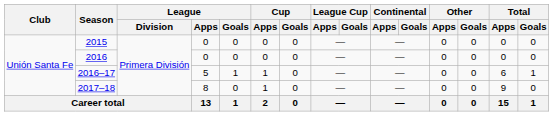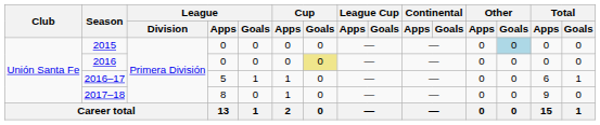 <table class="wikitable" style="text-align:center">
 <tr>
 <th rowspan="2">Club</th>
 <th rowspan="2">Season</th>
 <th colspan="3">League</th>
 <th colspan="2">Cup</th>
 <th colspan="2">League Cup</th>
 <th colspan="2">Continental</th>
 <th colspan="2">Other</th>
 <th colspan="2">Total</th>
 </tr>
 <tr>
 <th>Division</th>
 <th>Apps</th>
 <th>Goals</th>
 <th>Apps</th>
 <th>Goals</th>
 <th>Apps</th>
 <th>Goals</th>
 <th>Apps</th>
 <th>Goals</th>
 <th>Apps</th>
 <th>Goals</th>
 <th>Apps</th>
 <th>Goals</th>
 </tr>
 <tr>
 <td rowspan="4"><a href='#'>Unión Santa Fe</a></td>
 <td><a href='#'>2015</a></td>
 <td rowspan="4"><a href='#'>Primera División</a></td>
 <td>0</td>
 <td>0</td>
 <td>0</td>
 <td>0</td>
 <td colspan="2">—</td>
 <td colspan="2">—</td>
 <td>0</td>
-<td>0</td>
+<td style="background: lightblue;">0</td>
 <td>0</td>
 <td>0</td>
 </tr>
 <tr>
 <td><a href='#'>2016</a></td>
 <td>0</td>
 <td>0</td>
 <td>0</td>
-<td>0</td>
+<td style="background: khaki;">0</td>
 <td colspan="2">—</td>
 <td colspan="2">—</td>
 <td>0</td>
 <td>0</td>
 <td>0</td>
 <td>0</td>
 </tr>
 <tr>
 <td><a href='#'>2016–17</a></td>
 <td>5</td>
 <td>1</td>
 <td>1</td>
 <td>0</td>
 <td colspan="2">—</td>
 <td colspan="2">—</td>
 <td>0</td>
 <td>0</td>
 <td>6</td>
 <td>1</td>
 </tr>
 <tr>
 <td><a href='#'>2017–18</a></td>
 <td>8</td>
 <td>0</td>
 <td>1</td>
 <td>0</td>
 <td colspan="2">—</td>
 <td colspan="2">—</td>
 <td>0</td>
 <td>0</td>
 <td>9</td>
 <td>0</td>
 </tr>
 <tr>
 <th colspan="3">Career total</th>
 <th>13</th>
 <th>1</th>
 <th>2</th>
 <th>0</th>
 <th colspan="2">—</th>
 <th colspan="2">—</th>
 <th>0</th>
 <th>0</th>
 <th>15</th>
 <th>1</th>
 </tr>
 </table>
